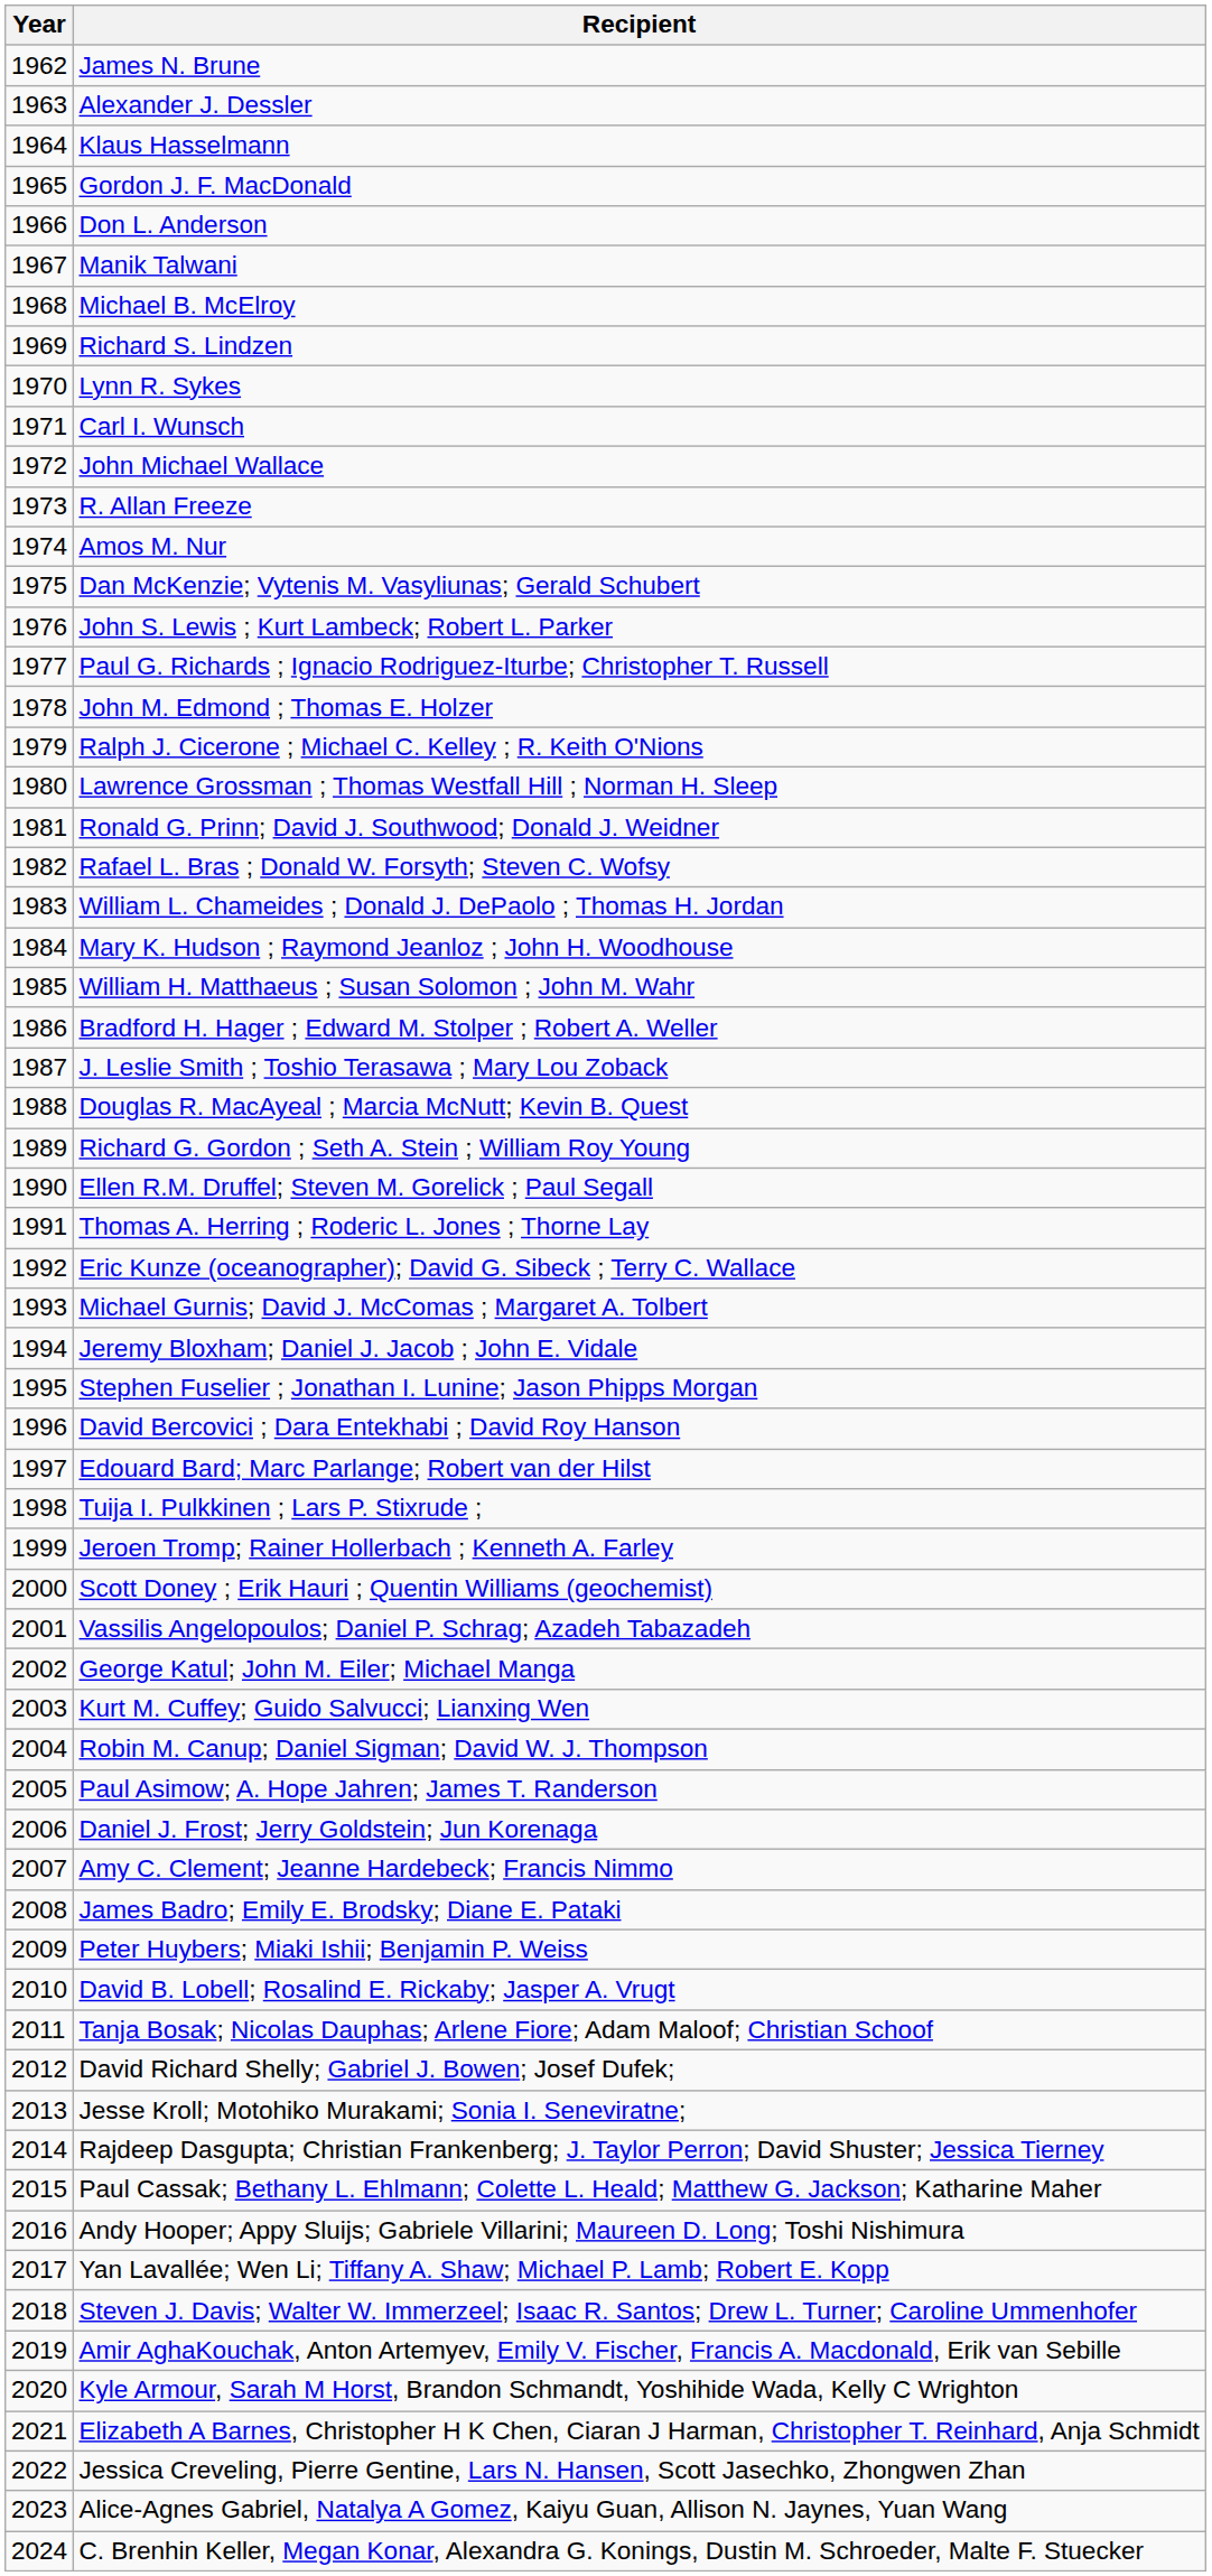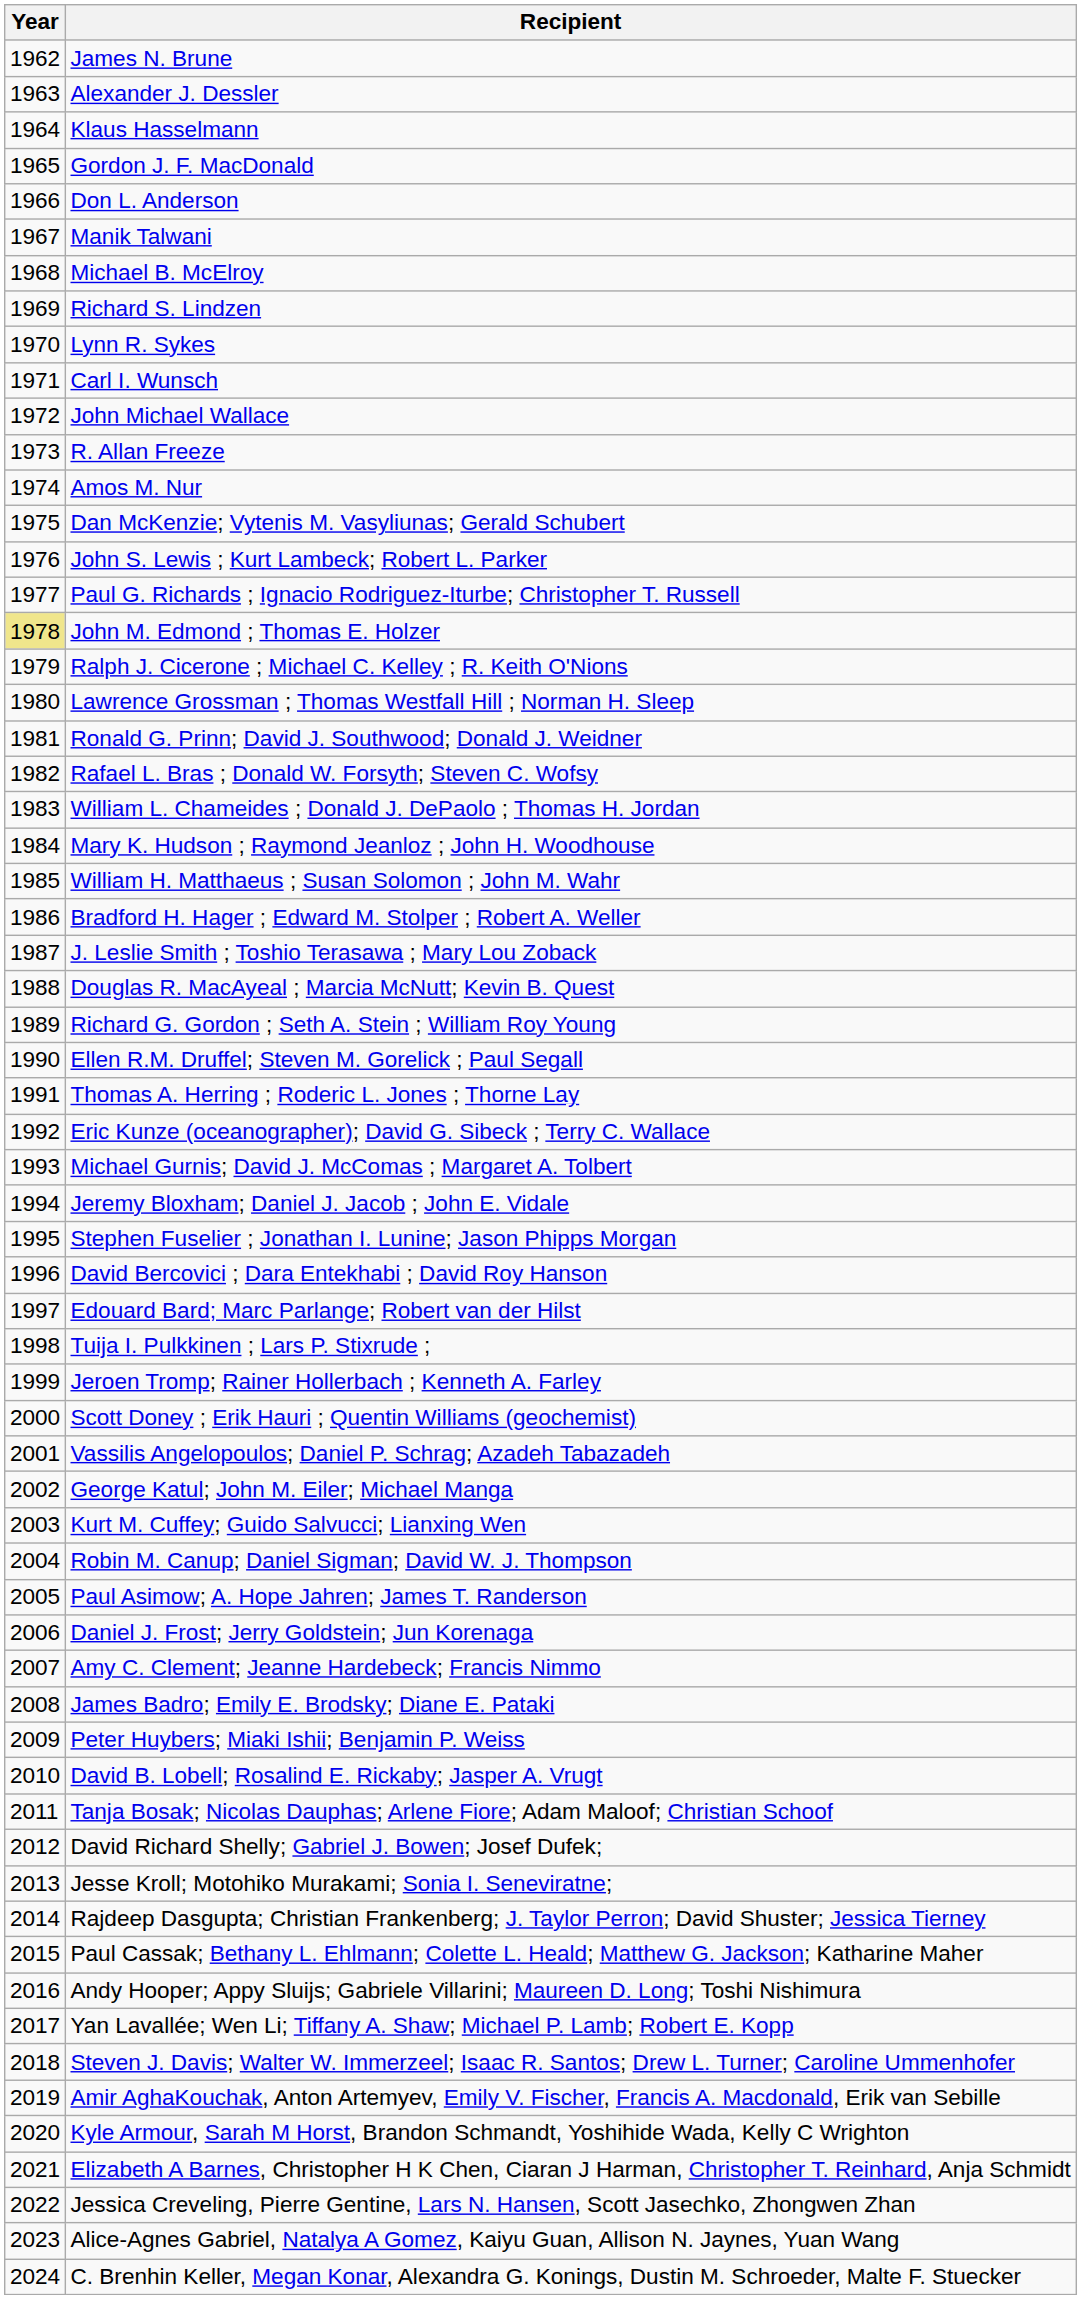 <table class="wikitable sortable">
 <tr>
 <th>Year</th>
 <th>Recipient</th>
 </tr>
 <tr>
 <td>1962</td>
 <td><a href='#'>James N. Brune</a></td>
 </tr>
 <tr>
 <td>1963</td>
 <td><a href='#'>Alexander J. Dessler</a></td>
 </tr>
 <tr>
 <td>1964</td>
 <td><a href='#'>Klaus Hasselmann</a></td>
 </tr>
 <tr>
 <td>1965</td>
 <td><a href='#'>Gordon J. F. MacDonald</a></td>
 </tr>
 <tr>
 <td>1966</td>
 <td><a href='#'>Don L. Anderson</a></td>
 </tr>
 <tr>
 <td>1967</td>
 <td><a href='#'>Manik Talwani</a></td>
 </tr>
 <tr>
 <td>1968</td>
 <td><a href='#'>Michael B. McElroy</a></td>
 </tr>
 <tr>
 <td>1969</td>
 <td><a href='#'>Richard S. Lindzen</a></td>
 </tr>
 <tr>
 <td>1970</td>
 <td><a href='#'>Lynn R. Sykes</a></td>
 </tr>
 <tr>
 <td>1971</td>
 <td><a href='#'>Carl I. Wunsch</a></td>
 </tr>
 <tr>
 <td>1972</td>
 <td><a href='#'>John Michael Wallace</a></td>
 </tr>
 <tr>
 <td>1973</td>
 <td><a href='#'>R. Allan Freeze</a></td>
 </tr>
 <tr>
 <td>1974</td>
 <td><a href='#'>Amos M. Nur</a></td>
 </tr>
 <tr>
 <td>1975</td>
 <td><a href='#'>Dan McKenzie</a>; <a href='#'>Vytenis M. Vasyliunas</a>; <a href='#'>Gerald Schubert</a></td>
 </tr>
 <tr>
 <td>1976</td>
 <td><a href='#'>John S. Lewis</a> ; <a href='#'>Kurt Lambeck</a>; <a href='#'>Robert L. Parker</a></td>
 </tr>
 <tr>
 <td>1977</td>
 <td><a href='#'>Paul G. Richards</a> ; <a href='#'>Ignacio Rodriguez-Iturbe</a>; <a href='#'>Christopher T. Russell</a></td>
 </tr>
 <tr>
-<td>1978</td>
+<td style="background: khaki;">1978</td>
 <td><a href='#'>John M. Edmond</a> ; <a href='#'>Thomas E. Holzer</a></td>
 </tr>
 <tr>
 <td>1979</td>
 <td><a href='#'>Ralph J. Cicerone</a> ; <a href='#'>Michael C. Kelley</a> ; <a href='#'>R. Keith O'Nions</a></td>
 </tr>
 <tr>
 <td>1980</td>
 <td><a href='#'>Lawrence Grossman</a> ; <a href='#'>Thomas Westfall Hill</a> ;  <a href='#'>Norman H. Sleep</a></td>
 </tr>
 <tr>
 <td>1981</td>
 <td><a href='#'>Ronald G. Prinn</a>; <a href='#'>David J. Southwood</a>; <a href='#'>Donald J. Weidner</a></td>
 </tr>
 <tr>
 <td>1982</td>
 <td><a href='#'>Rafael L. Bras</a> ; <a href='#'>Donald W. Forsyth</a>; <a href='#'>Steven C. Wofsy</a></td>
 </tr>
 <tr>
 <td>1983</td>
 <td><a href='#'>William L. Chameides</a> ; <a href='#'>Donald J. DePaolo</a> ; <a href='#'>Thomas H. Jordan</a></td>
 </tr>
 <tr>
 <td>1984</td>
 <td><a href='#'>Mary K. Hudson</a> ; <a href='#'>Raymond Jeanloz</a> ; <a href='#'>John H. Woodhouse</a></td>
 </tr>
 <tr>
 <td>1985</td>
 <td><a href='#'>William H. Matthaeus</a> ; <a href='#'>Susan Solomon</a> ; <a href='#'>John M. Wahr</a></td>
 </tr>
 <tr>
 <td>1986</td>
 <td><a href='#'>Bradford H. Hager</a> ; <a href='#'>Edward M. Stolper</a> ; <a href='#'>Robert A. Weller</a></td>
 </tr>
 <tr>
 <td>1987</td>
 <td><a href='#'>J. Leslie Smith</a> ; <a href='#'>Toshio Terasawa</a> ; <a href='#'>Mary Lou Zoback</a></td>
 </tr>
 <tr>
 <td>1988</td>
 <td><a href='#'>Douglas R. MacAyeal</a> ; <a href='#'>Marcia McNutt</a>; <a href='#'>Kevin B. Quest</a></td>
 </tr>
 <tr>
 <td>1989</td>
 <td><a href='#'>Richard G. Gordon</a> ; <a href='#'>Seth A. Stein</a> ; <a href='#'>William Roy Young</a></td>
 </tr>
 <tr>
 <td>1990</td>
 <td><a href='#'>Ellen R.M. Druffel</a>; <a href='#'>Steven M. Gorelick</a> ; <a href='#'>Paul Segall</a></td>
 </tr>
 <tr>
 <td>1991</td>
 <td><a href='#'>Thomas A. Herring</a> ; <a href='#'>Roderic L. Jones</a> ; <a href='#'>Thorne Lay</a></td>
 </tr>
 <tr>
 <td>1992</td>
 <td><a href='#'>Eric Kunze (oceanographer)</a>; <a href='#'>David G. Sibeck</a> ; <a href='#'>Terry C. Wallace</a></td>
 </tr>
 <tr>
 <td>1993</td>
 <td><a href='#'>Michael Gurnis</a>; <a href='#'>David J. McComas</a> ; <a href='#'>Margaret A. Tolbert</a></td>
 </tr>
 <tr>
 <td>1994</td>
 <td><a href='#'>Jeremy Bloxham</a>; <a href='#'>Daniel J. Jacob</a> ; <a href='#'>John E. Vidale</a></td>
 </tr>
 <tr>
 <td>1995</td>
 <td><a href='#'>Stephen Fuselier</a> ; <a href='#'>Jonathan I. Lunine</a>; <a href='#'>Jason Phipps Morgan</a></td>
 </tr>
 <tr>
 <td>1996</td>
 <td><a href='#'>David Bercovici</a> ; <a href='#'>Dara Entekhabi</a> ; <a href='#'>David Roy Hanson</a></td>
 </tr>
 <tr>
 <td>1997</td>
 <td><a href='#'>Edouard Bard; Marc Parlange</a>; <a href='#'>Robert van der Hilst</a></td>
 </tr>
 <tr>
 <td>1998</td>
 <td><a href='#'>Tuija I. Pulkkinen</a> ; <a href='#'>Lars P. Stixrude</a> ;</td>
 </tr>
 <tr>
 <td>1999</td>
 <td><a href='#'>Jeroen Tromp</a>; <a href='#'>Rainer Hollerbach</a> ; <a href='#'>Kenneth A. Farley</a></td>
 </tr>
 <tr>
 <td>2000</td>
 <td><a href='#'>Scott Doney</a> ; <a href='#'>Erik Hauri</a> ; <a href='#'>Quentin Williams (geochemist)</a></td>
 </tr>
 <tr>
 <td>2001</td>
 <td><a href='#'>Vassilis Angelopoulos</a>; <a href='#'>Daniel P. Schrag</a>; <a href='#'>Azadeh Tabazadeh</a></td>
 </tr>
 <tr>
 <td>2002</td>
 <td><a href='#'>George Katul</a>; <a href='#'>John M. Eiler</a>; <a href='#'>Michael Manga</a></td>
 </tr>
 <tr>
 <td>2003</td>
 <td><a href='#'>Kurt M. Cuffey</a>; <a href='#'>Guido Salvucci</a>; <a href='#'>Lianxing Wen</a></td>
 </tr>
 <tr>
 <td>2004</td>
 <td><a href='#'>Robin M. Canup</a>; <a href='#'>Daniel Sigman</a>; <a href='#'>David W. J. Thompson</a></td>
 </tr>
 <tr>
 <td>2005</td>
 <td><a href='#'>Paul Asimow</a>; <a href='#'>A. Hope Jahren</a>; <a href='#'>James T. Randerson</a></td>
 </tr>
 <tr>
 <td>2006</td>
 <td><a href='#'>Daniel J. Frost</a>; <a href='#'>Jerry Goldstein</a>; <a href='#'>Jun Korenaga</a></td>
 </tr>
 <tr>
 <td>2007</td>
 <td><a href='#'>Amy C. Clement</a>; <a href='#'>Jeanne Hardebeck</a>; <a href='#'>Francis Nimmo</a></td>
 </tr>
 <tr>
 <td>2008</td>
 <td><a href='#'>James Badro</a>; <a href='#'>Emily E. Brodsky</a>; <a href='#'>Diane E. Pataki</a></td>
 </tr>
 <tr>
 <td>2009</td>
 <td><a href='#'>Peter Huybers</a>; <a href='#'>Miaki Ishii</a>; <a href='#'>Benjamin P. Weiss</a></td>
 </tr>
 <tr>
 <td>2010</td>
 <td><a href='#'>David B. Lobell</a>; <a href='#'>Rosalind E. Rickaby</a>; <a href='#'>Jasper A. Vrugt</a></td>
 </tr>
 <tr>
 <td>2011</td>
 <td><a href='#'>Tanja Bosak</a>; <a href='#'>Nicolas Dauphas</a>; <a href='#'>Arlene Fiore</a>; Adam Maloof; <a href='#'>Christian Schoof</a></td>
 </tr>
 <tr>
 <td>2012</td>
 <td>David Richard Shelly; <a href='#'>Gabriel J. Bowen</a>; Josef Dufek;</td>
 </tr>
 <tr>
 <td>2013</td>
 <td>Jesse Kroll; Motohiko Murakami; <a href='#'>Sonia I. Seneviratne</a>;</td>
 </tr>
 <tr>
 <td>2014</td>
 <td>Rajdeep Dasgupta; Christian Frankenberg; <a href='#'>J. Taylor Perron</a>; David Shuster; <a href='#'>Jessica Tierney</a></td>
 </tr>
 <tr>
 <td>2015</td>
 <td>Paul Cassak; <a href='#'>Bethany L. Ehlmann</a>; <a href='#'>Colette L. Heald</a>; <a href='#'>Matthew G. Jackson</a>; Katharine Maher</td>
 </tr>
 <tr>
 <td>2016</td>
 <td>Andy Hooper; Appy Sluijs; Gabriele Villarini; <a href='#'>Maureen D. Long</a>; Toshi Nishimura</td>
 </tr>
 <tr>
 <td>2017</td>
 <td>Yan Lavallée; Wen Li; <a href='#'>Tiffany A. Shaw</a>; <a href='#'>Michael P. Lamb</a>; <a href='#'>Robert E. Kopp</a></td>
 </tr>
 <tr>
 <td>2018</td>
 <td><a href='#'>Steven J. Davis</a>; <a href='#'>Walter W. Immerzeel</a>; <a href='#'>Isaac R. Santos</a>; <a href='#'>Drew L. Turner</a>; <a href='#'>Caroline Ummenhofer</a></td>
 </tr>
 <tr>
 <td>2019</td>
 <td><a href='#'>Amir AghaKouchak</a>, Anton Artemyev, <a href='#'>Emily V. Fischer</a>, <a href='#'>Francis A. Macdonald</a>, Erik van Sebille</td>
 </tr>
 <tr>
 <td>2020</td>
 <td><a href='#'>Kyle Armour</a>,  <a href='#'>Sarah M Horst</a>, Brandon Schmandt, Yoshihide Wada, Kelly C Wrighton</td>
 </tr>
 <tr>
 <td>2021</td>
 <td><a href='#'>Elizabeth A Barnes</a>, Christopher H K Chen, Ciaran J Harman, <a href='#'>Christopher T. Reinhard</a>, Anja Schmidt</td>
 </tr>
 <tr>
 <td>2022</td>
 <td>Jessica Creveling, Pierre Gentine, <a href='#'>Lars N. Hansen</a>, Scott Jasechko, Zhongwen Zhan</td>
 </tr>
 <tr>
 <td>2023</td>
 <td>Alice-Agnes Gabriel, <a href='#'>Natalya A Gomez</a>, Kaiyu Guan, Allison N. Jaynes, Yuan Wang</td>
 </tr>
 <tr>
 <td>2024</td>
 <td>C. Brenhin Keller, <a href='#'>Megan Konar</a>, Alexandra G. Konings, Dustin M. Schroeder, Malte F. Stuecker</td>
 </tr>
 </table>
